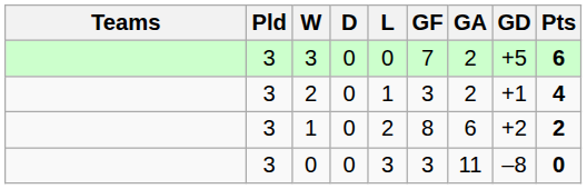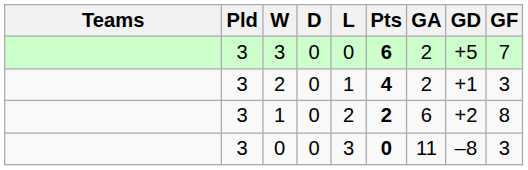 <table class="wikitable" style="text-align: center;">
 <tr>
 <th width=165>Teams</th>
 <th width=20>Pld</th>
 <th width=20>W</th>
 <th width=20>D</th>
 <th width=20>L</th>
-<th width=20>GF</th>
+<th width=20>Pts</th>
 <th width=20>GA</th>
 <th width=20>GD</th>
-<th width=20>Pts</th>
+<th width=20>GF</th>
 </tr>
 <tr align=center style="background:#ccffcc;">
 <td style="text-align:left;"></td>
 <td>3</td>
 <td>3</td>
 <td>0</td>
 <td>0</td>
-<td>7</td>
+<td><strong>6</strong></td>
 <td>2</td>
 <td>+5</td>
-<td><strong>6</strong></td>
+<td>7</td>
 </tr>
 <tr align=center>
 <td style="text-align:left;"></td>
 <td>3</td>
 <td>2</td>
 <td>0</td>
 <td>1</td>
-<td>3</td>
+<td><strong>4</strong></td>
 <td>2</td>
 <td>+1</td>
-<td><strong>4</strong></td>
+<td>3</td>
 </tr>
 <tr align=center>
 <td style="text-align:left;"></td>
 <td>3</td>
 <td>1</td>
 <td>0</td>
 <td>2</td>
-<td>8</td>
+<td><strong>2</strong></td>
 <td>6</td>
 <td>+2</td>
-<td><strong>2</strong></td>
+<td>8</td>
 </tr>
 <tr align=center>
 <td style="text-align:left;"></td>
 <td>3</td>
 <td>0</td>
 <td>0</td>
 <td>3</td>
-<td>3</td>
+<td><strong>0</strong></td>
 <td>11</td>
 <td>–8</td>
-<td><strong>0</strong></td>
+<td>3</td>
 </tr>
 </table>
